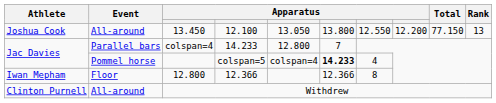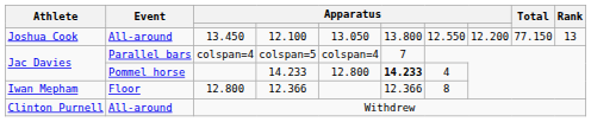 <table class="wikitable" style="font-size:90%">
 <tr>
 <th rowspan=2>Athlete</th>
 <th rowspan=2>Event</th>
 <th colspan=6>Apparatus</th>
 <th rowspan=2>Total</th>
 <th rowspan=2>Rank</th>
 </tr>
 <tr style="font-size:95%">
 <th></th>
 <th></th>
 <th></th>
 <th></th>
 <th></th>
 <th></th>
 </tr>
 <tr align=center>
 <td align=left><a href='#'>Joshua Cook</a></td>
 <td align=left><a href='#'>All-around</a></td>
 <td>13.450</td>
 <td>12.100</td>
 <td>13.050</td>
 <td>13.800</td>
 <td>12.550</td>
 <td>12.200</td>
 <td>77.150</td>
 <td>13</td>
 </tr>
 <tr align=center>
 <td align=left rowspan=2><a href='#'>Jac Davies</a></td>
 <td align=left><a href='#'>Parallel bars</a></td>
 <td>colspan=4 </td>
-<td>14.233</td>
-<td>12.800</td>
+<td>colspan=5 </td>
+<td>colspan=4 </td>
 <td>7</td>
 </tr>
 <tr align=center>
 <td align=left><a href='#'>Pommel horse</a></td>
 <td></td>
-<td>colspan=5 </td>
-<td>colspan=4 </td>
+<td>14.233</td>
+<td>12.800</td>
 <td><strong>14.233</strong></td>
 <td>4</td>
 </tr>
 <tr align=center>
 <td align=left><a href='#'>Iwan Mepham</a></td>
 <td align=left><a href='#'>Floor</a></td>
 <td>12.800</td>
 <td>12.366</td>
 <td></td>
 <td>12.366</td>
 <td>8</td>
 </tr>
 <tr align=center>
 <td align=left><a href='#'>Clinton Purnell</a></td>
 <td align=left><a href='#'>All-around</a></td>
 <td colspan=8>Withdrew</td>
 </tr>
 </table>
